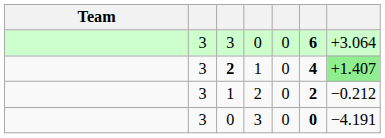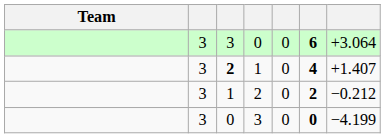 <table class="wikitable" style="text-align:center;">
 <tr>
 <th width=175>Team</th>
 <th style="width:20px;"></th>
 <th style="width:20px;"></th>
 <th style="width:20px;"></th>
 <th style="width:20px;"></th>
 <th style="width:20px;"></th>
 <th style="width:20px;"></th>
 </tr>
 <tr style="background:#cfc">
 <td align=left></td>
 <td>3</td>
 <td>3</td>
 <td>0</td>
 <td>0</td>
 <td><strong>6</strong></td>
 <td>+3.064</td>
 </tr>
 <tr>
 <td align=left></td>
 <td>3</td>
 <td><strong>2</strong></td>
 <td>1</td>
 <td>0</td>
 <td><strong>4</strong></td>
-<td style="background: lightgreen;">+1.407</td>
+<td>+1.407</td>
 </tr>
 <tr>
 <td align=left></td>
 <td>3</td>
 <td>1</td>
 <td>2</td>
 <td>0</td>
 <td><strong>2</strong></td>
 <td>−0.212</td>
 </tr>
 <tr>
 <td align=left></td>
 <td>3</td>
 <td>0</td>
 <td>3</td>
 <td>0</td>
 <td><strong>0</strong></td>
-<td>−4.191</td>
+<td>−4.199</td>
 </tr>
 </table>
